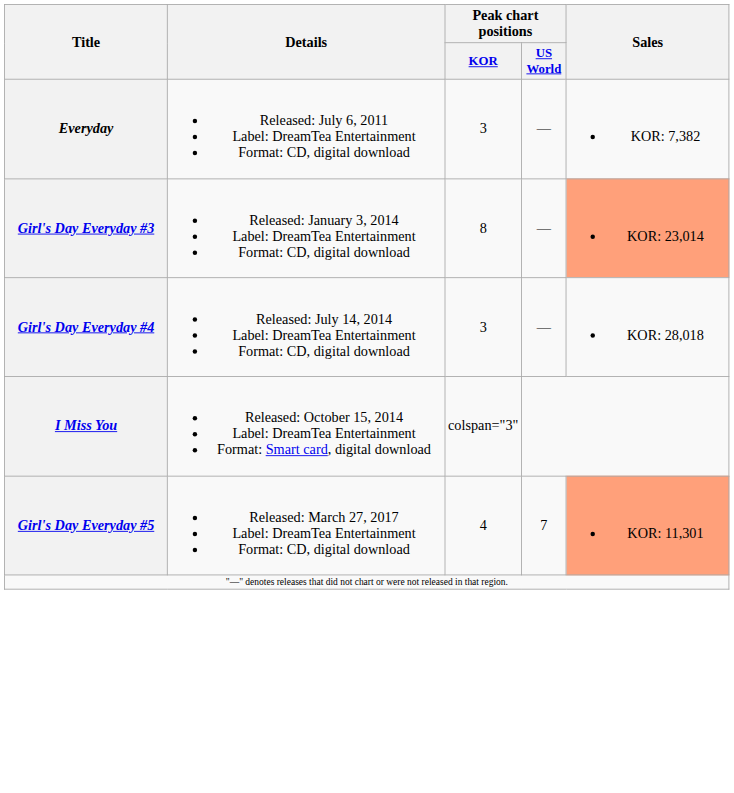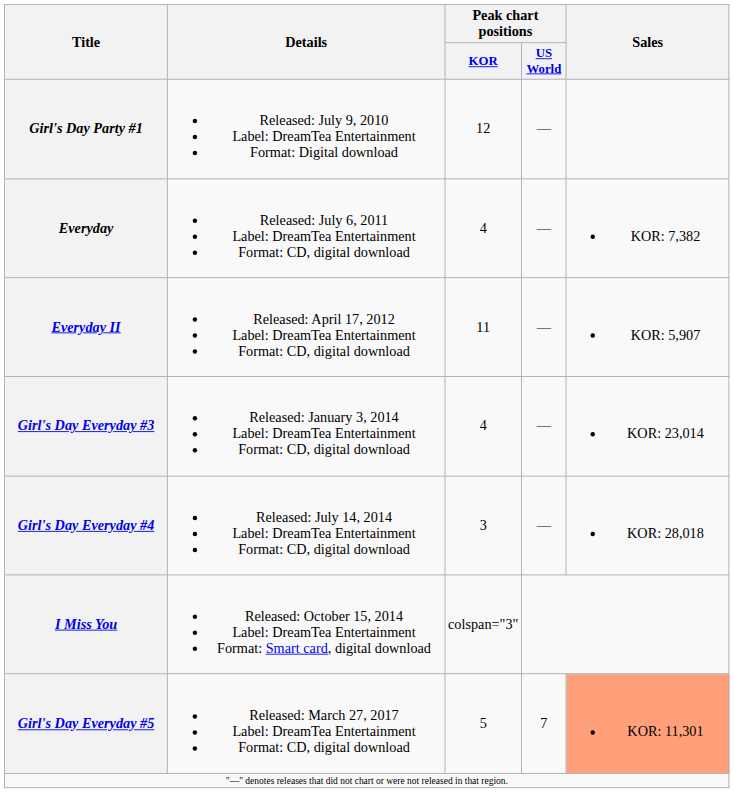 <table class="wikitable plainrowheaders" style="text-align:center;">
 <tr>
 <th scope="col" rowspan="2" style="width:11em;">Title</th>
 <th scope="col" rowspan="2" style="width:19em;">Details</th>
 <th scope="col" colspan="2">Peak chart positions</th>
 <th scope="col" rowspan="2" style="width:11em;">Sales</th>
 </tr>
 <tr>
 <th scope="col" style="width:3em;font-size:90%;"><a href='#'>KOR</a><br></th>
 <th scope="col" style="width:3em;font-size:90%;"><a href='#'>US World</a><br></th>
 </tr>
 <tr>
+<th scope="row"><em>Girl's Day Party #1</em></th>
+<td><br><ul><li>Released: July 9, 2010</li><li>Label: DreamTea Entertainment</li><li>Format: Digital download</li></ul></td>
+<td>12</td>
+<td>—</td>
+<td></td>
+</tr>
+<tr>
 <th scope="row"><em>Everyday</em></th>
 <td><br><ul><li>Released: July 6, 2011</li><li>Label: DreamTea Entertainment</li><li>Format: CD, digital download</li></ul></td>
-<td>3</td>
+<td>4</td>
 <td>—</td>
 <td><br><ul><li>KOR: 7,382</li></ul></td>
 </tr>
 <tr>
+<th scope="row"><em><a href='#'>Everyday II</a></em></th>
+<td><br><ul><li>Released: April 17, 2012</li><li>Label: DreamTea Entertainment</li><li>Format: CD, digital download</li></ul></td>
+<td>11</td>
+<td>—</td>
+<td><br><ul><li>KOR: 5,907</li></ul></td>
+</tr>
+<tr>
 <th scope="row"><em><a href='#'>Girl's Day Everyday #3</a></em></th>
 <td><br><ul><li>Released: January 3, 2014</li><li>Label: DreamTea Entertainment</li><li>Format: CD, digital download</li></ul></td>
-<td>8</td>
+<td>4</td>
 <td>—</td>
-<td style="background: lightsalmon;"><br><ul><li>KOR: 23,014</li></ul></td>
+<td><br><ul><li>KOR: 23,014</li></ul></td>
 </tr>
 <tr>
 <th scope="row"><em><a href='#'>Girl's Day Everyday #4</a></em></th>
 <td><br><ul><li>Released: July 14, 2014</li><li>Label: DreamTea Entertainment</li><li>Format: CD, digital download</li></ul></td>
 <td>3</td>
 <td>—</td>
 <td><br><ul><li>KOR: 28,018</li></ul></td>
 </tr>
 <tr>
 <th scope="row"><em><a href='#'>I Miss You</a></em></th>
 <td><br><ul><li>Released: October 15, 2014</li><li>Label: DreamTea Entertainment</li><li>Format: <a href='#'>Smart card</a>, digital download</li></ul></td>
 <td>colspan="3" </td>
 </tr>
 <tr>
 <th scope="row"><em><a href='#'>Girl's Day Everyday #5</a></em></th>
 <td><br><ul><li>Released: March 27, 2017</li><li>Label: DreamTea Entertainment</li><li>Format: CD, digital download</li></ul></td>
-<td>4</td>
+<td>5</td>
 <td>7</td>
 <td style="background: lightsalmon;"><br><ul><li>KOR: 11,301</li></ul></td>
 </tr>
 <tr>
 <td colspan="5" style="font-size:8pt;">"—" denotes releases that did not chart or were not released in that region.</td>
 </tr>
 </table>
